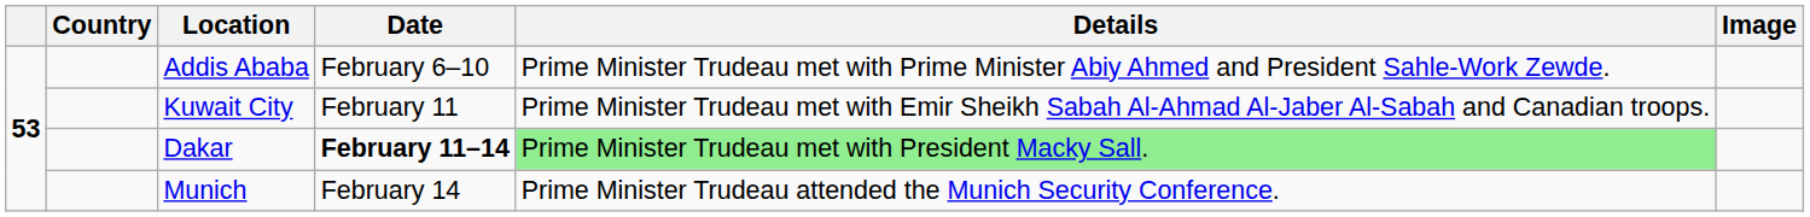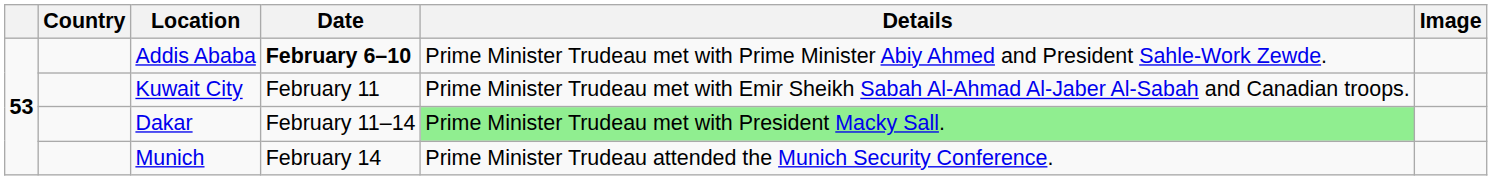 <table class="wikitable sortable">
 <tr>
 <th></th>
 <th>Country</th>
 <th>Location</th>
 <th>Date</th>
 <th>Details</th>
 <th>Image</th>
 </tr>
 <tr>
 <td rowspan=4><strong>53</strong></td>
 <td></td>
 <td><a href='#'>Addis Ababa</a></td>
-<td>February 6–10</td>
+<td><strong>February 6–10</strong></td>
 <td>Prime Minister Trudeau met with Prime Minister <a href='#'>Abiy Ahmed</a> and President <a href='#'>Sahle-Work Zewde</a>.</td>
 <td></td>
 </tr>
 <tr>
 <td></td>
 <td><a href='#'>Kuwait City</a></td>
 <td>February 11</td>
 <td>Prime Minister Trudeau met with Emir Sheikh <a href='#'>Sabah Al-Ahmad Al-Jaber Al-Sabah</a> and Canadian troops.</td>
 <td></td>
 </tr>
 <tr>
 <td></td>
 <td><a href='#'>Dakar</a></td>
-<td><strong>February 11–14</strong></td>
+<td>February 11–14</td>
 <td style="background: lightgreen;">Prime Minister Trudeau met with President <a href='#'>Macky Sall</a>.</td>
 <td></td>
 </tr>
 <tr>
 <td></td>
 <td><a href='#'>Munich</a></td>
 <td>February 14</td>
 <td>Prime Minister Trudeau attended the <a href='#'>Munich Security Conference</a>.</td>
 <td></td>
 </tr>
 </table>
